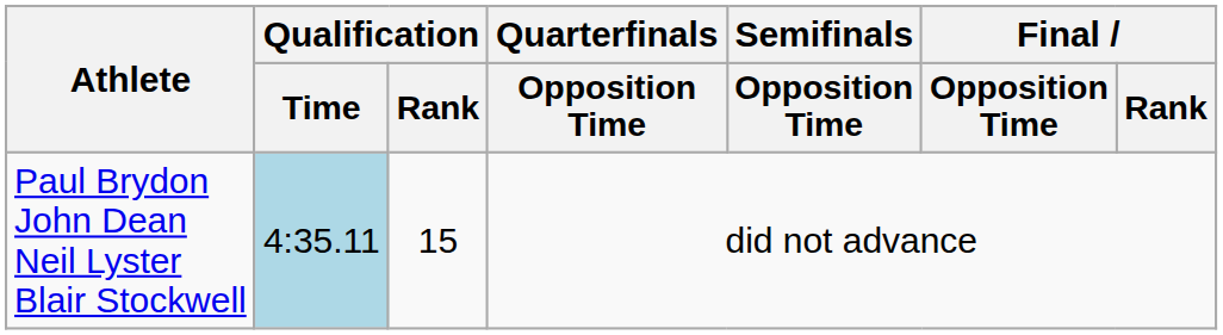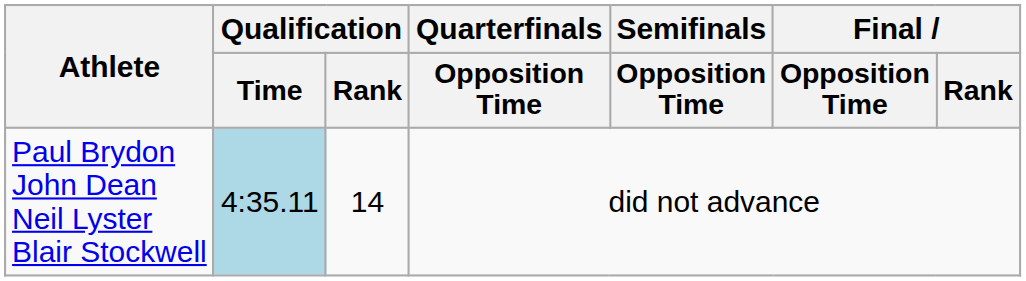 <table class="wikitable" style="font-size:90%;text-align:center;">
 <tr>
 <th rowspan=2>Athlete</th>
 <th colspan=2>Qualification</th>
 <th>Quarterfinals</th>
 <th>Semifinals</th>
 <th colspan=2>Final / </th>
 </tr>
 <tr style="font-size:95%">
 <th>Time</th>
 <th>Rank</th>
 <th>Opposition<br>Time</th>
 <th>Opposition<br>Time</th>
 <th>Opposition<br>Time</th>
 <th>Rank</th>
 </tr>
 <tr>
 <td align=left><a href='#'>Paul Brydon</a><br><a href='#'>John Dean</a><br><a href='#'>Neil Lyster</a><br><a href='#'>Blair Stockwell</a></td>
 <td style="background: lightblue;">4:35.11</td>
-<td>15</td>
+<td>14</td>
 <td colspan=4>did not advance</td>
 </tr>
 </table>
